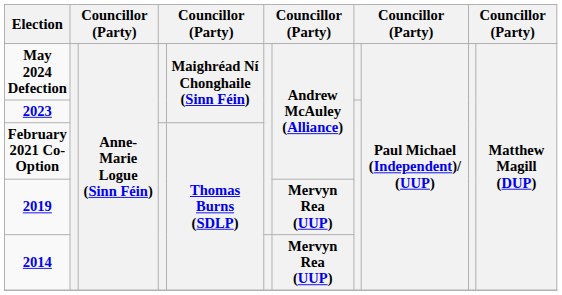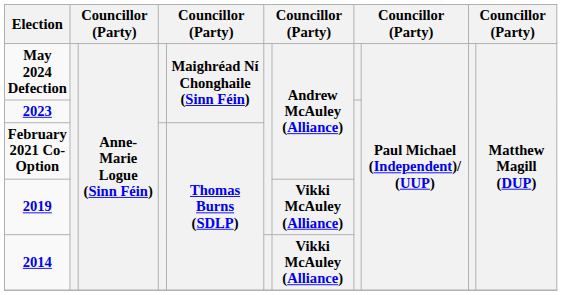 <table class="wikitable" style="text-align:center">
 <tr>
 <th scope="col" width="50">Election</th>
 <th scope="col" width="150" colspan = "2">Councillor<br> (Party)</th>
 <th scope="col" width="150" colspan = "2">Councillor<br> (Party)</th>
 <th scope="col" width="150" colspan = "2">Councillor<br> (Party)</th>
 <th scope="col" width="150" colspan = "2">Councillor<br> (Party)</th>
 <th scope="col" width="150" colspan = "2">Councillor<br> (Party)</th>
 </tr>
 <tr>
 <td><strong>May 2024 Defection</strong></td>
 <th rowspan="5" width="1" style="background-color: "></th>
 <th rowspan = "5">Anne-Marie Logue <br> (<a href='#'>Sinn Féin</a>)</th>
 <th rowspan="2" width="1" style="background-color: "></th>
 <th rowspan = "2">Maighréad Ní Chonghaile <br> (<a href='#'>Sinn Féin</a>)</th>
 <th rowspan="4" width="1" style="background-color: "></th>
 <th rowspan = "3">Andrew McAuley <br> (<a href='#'>Alliance</a>)</th>
 <th rowspan="1" width="1" style="background-color: "></th>
 <th rowspan = "5">Paul Michael <br> (<a href='#'>Independent</a>)/ <br> (<a href='#'>UUP</a>)</th>
 <th rowspan="5" width="1" style="background-color: "></th>
 <th rowspan = "5">Matthew Magill <br> (<a href='#'>DUP</a>)</th>
 </tr>
 <tr>
 <td><strong><a href='#'>2023</a></strong></td>
 <th rowspan="4" width="1" style="background-color: "></th>
 </tr>
 <tr>
 <td><strong>February 2021 Co-Option</strong></td>
 <th rowspan="3" width="1" style="background-color: "></th>
 <th rowspan = "3"><a href='#'>Thomas Burns</a> <br> (<a href='#'>SDLP</a>)</th>
 </tr>
 <tr>
 <td><strong><a href='#'>2019</a></strong></td>
-<th rowspan = "1">Mervyn Rea <br> (<a href='#'>UUP</a>)</th>
+<th rowspan = "1">Vikki McAuley <br> (<a href='#'>Alliance</a>)</th>
 </tr>
 <tr>
 <td><strong><a href='#'>2014</a></strong></td>
 <th rowspan="1" width="1" style="background-color: "></th>
-<th rowspan = "1">Mervyn Rea <br> (<a href='#'>UUP</a>)</th>
+<th rowspan = "1">Vikki McAuley <br> (<a href='#'>Alliance</a>)</th>
 </tr>
 <tr>
 </tr>
 </table>
